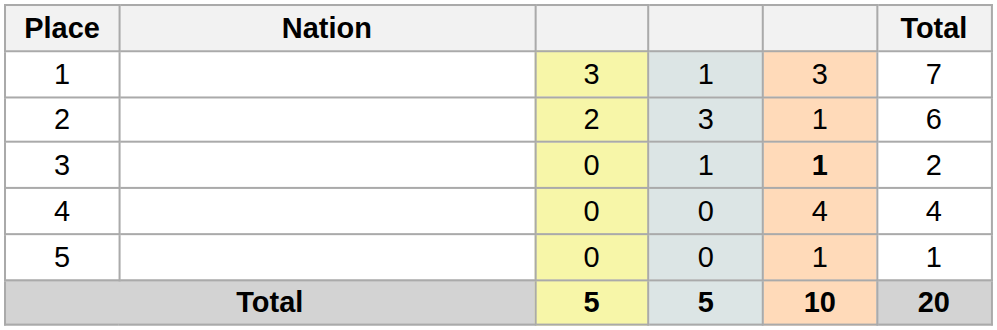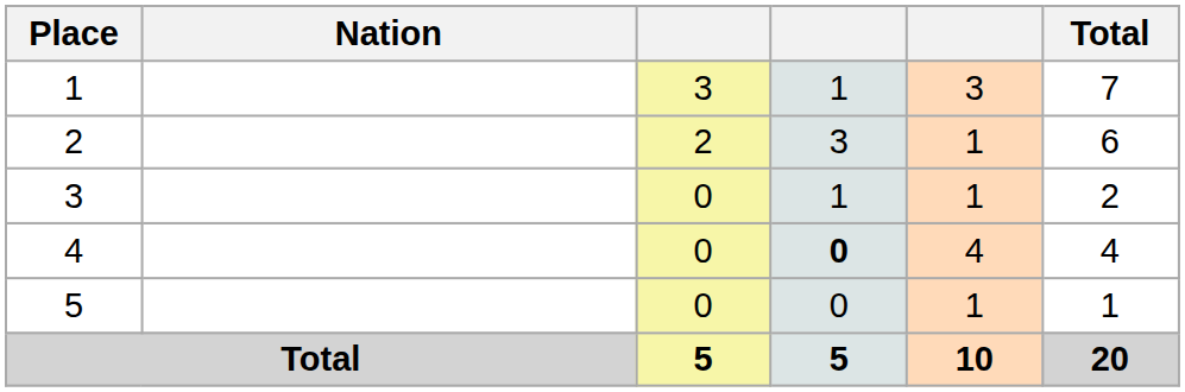 <table class=wikitable style="border:1px solid #AAAAAA;font-size:90%">
 <tr bgcolor="#EFEFEF">
 <th width=50>Place</th>
 <th width=200>Nation</th>
 <th width=50></th>
 <th width=50></th>
 <th width=50></th>
 <th width=50>Total</th>
 </tr>
 <tr align=center bgcolor="#FFFFFF">
 <td>1</td>
 <td align="left"></td>
 <td style="background:#F7F6A8;">3</td>
 <td style="background:#DCE5E5;">1</td>
 <td style="background:#FFDAB9;">3</td>
 <td>7</td>
 </tr>
 <tr align=center bgcolor="#FFFFFF">
 <td>2</td>
 <td align="left"></td>
 <td style="background:#F7F6A8;">2</td>
 <td style="background:#DCE5E5;">3</td>
 <td style="background:#FFDAB9;">1</td>
 <td>6</td>
 </tr>
 <tr align=center bgcolor="#FFFFFF">
 <td>3</td>
 <td align="left"></td>
 <td style="background:#F7F6A8;">0</td>
 <td style="background:#DCE5E5;">1</td>
-<td style="background:#FFDAB9;"><strong>1</strong></td>
+<td style="background:#FFDAB9;">1</td>
 <td>2</td>
 </tr>
 <tr align=center bgcolor="#FFFFFF">
 <td>4</td>
 <td align="left"></td>
 <td style="background:#F7F6A8;">0</td>
-<td style="background:#DCE5E5;">0</td>
+<td style="background:#DCE5E5;"><strong>0</strong></td>
 <td style="background:#FFDAB9;">4</td>
 <td>4</td>
 </tr>
 <tr align=center bgcolor="#FFFFFF">
 <td>5</td>
 <td align="left"></td>
 <td style="background:#F7F6A8;">0</td>
 <td style="background:#DCE5E5;">0</td>
 <td style="background:#FFDAB9;">1</td>
 <td>1</td>
 </tr>
 <tr align="center">
 <td colspan="2" bgcolor=D3D3D3><strong>Total</strong></td>
 <td style="background:#F7F6A8;"><strong>5</strong></td>
 <td style="background:#DCE5E5;"><strong>5</strong></td>
 <td style="background:#FFDAB9;"><strong>10</strong></td>
 <td bgcolor=D3D3D3><strong>20</strong></td>
 </tr>
 </table>
